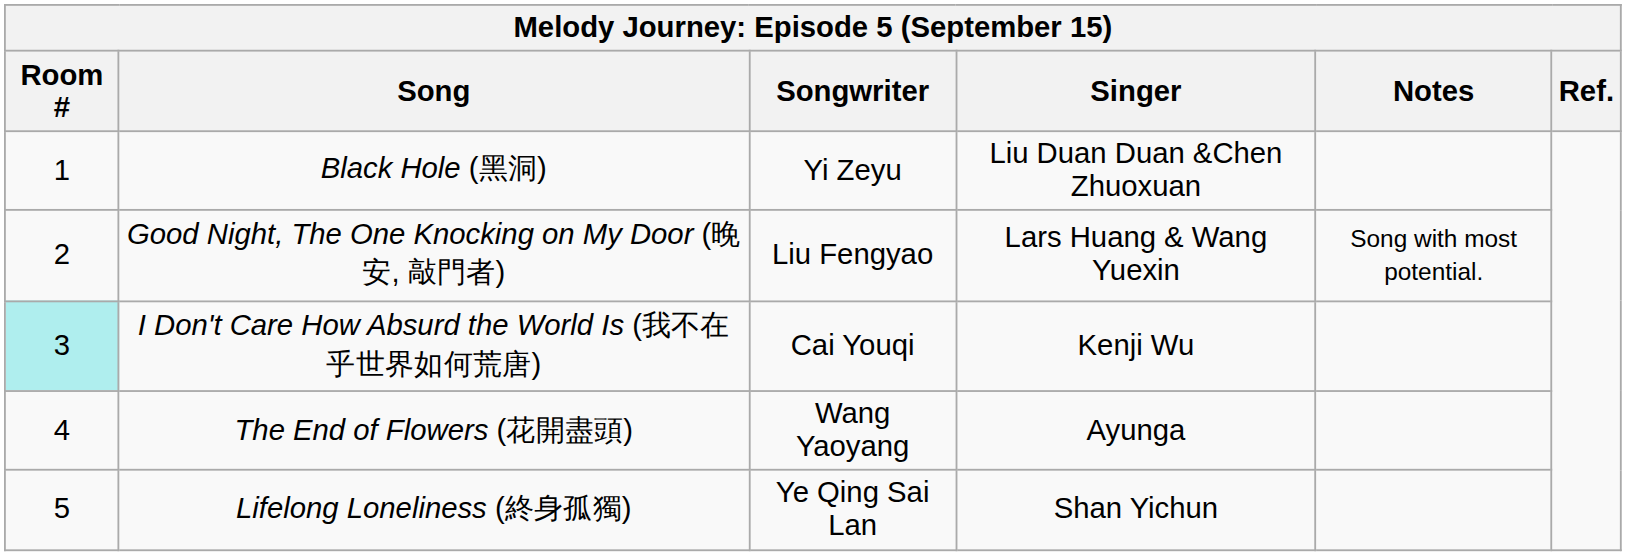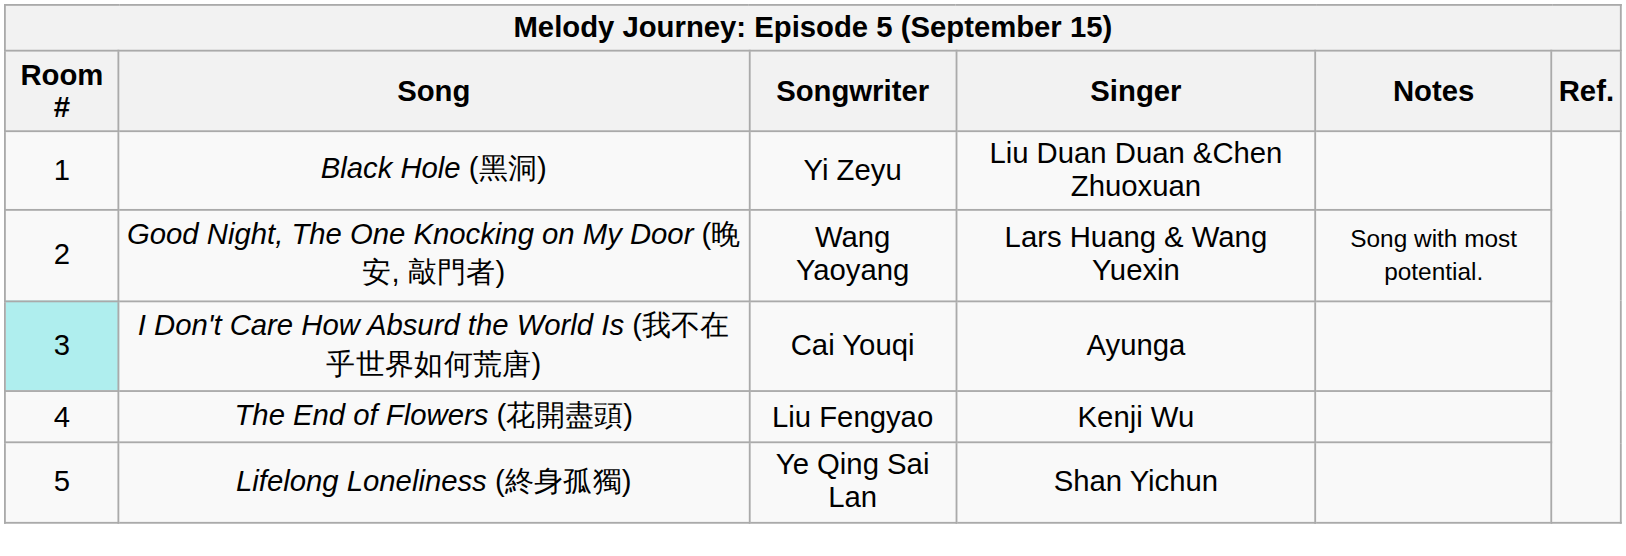 <table class="wikitable" width="100%" style="text-align:center;">
 <tr>
 <th colspan=6>Melody Journey: Episode 5 (September 15)</th>
 </tr>
 <tr>
 <th>Room #</th>
 <th>Song</th>
 <th>Songwriter</th>
 <th>Singer</th>
 <th>Notes</th>
 <th>Ref.</th>
 </tr>
 <tr>
 <td>1</td>
 <td><em>Black Hole</em> (黑洞)</td>
 <td>Yi Zeyu</td>
 <td>Liu Duan Duan &Chen Zhuoxuan</td>
 <td></td>
 <td rowspan=5></td>
 </tr>
 <tr>
 <td>2</td>
 <td><em>Good Night, The One Knocking on My Door</em> (晚安, 敲門者)</td>
-<td>Liu Fengyao</td>
+<td>Wang Yaoyang</td>
 <td>Lars Huang & Wang Yuexin</td>
 <td><small>Song with most potential.</small></td>
 </tr>
 <tr>
 <td style="background: paleturquoise;">3</td>
 <td><em>I Don't Care How Absurd the World Is</em> (我不在乎世界如何荒唐)</td>
 <td>Cai Youqi</td>
-<td>Kenji Wu</td>
+<td>Ayunga</td>
 <td></td>
 </tr>
 <tr>
 <td>4</td>
 <td><em>The End of Flowers</em> (花開盡頭)</td>
-<td>Wang Yaoyang</td>
-<td>Ayunga</td>
+<td>Liu Fengyao</td>
+<td>Kenji Wu</td>
 <td></td>
 </tr>
 <tr>
 <td>5</td>
 <td><em>Lifelong Loneliness</em> (終身孤獨)</td>
 <td>Ye Qing Sai Lan</td>
 <td>Shan Yichun</td>
 <td></td>
 </tr>
 </table>
